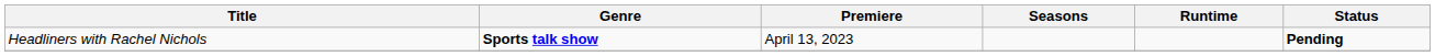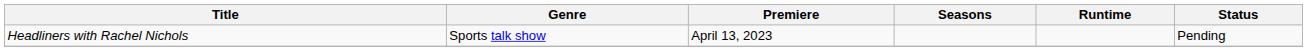 <table class="wikitable sortable" style="width:100%;">
 <tr>
 <th>Title</th>
 <th>Genre</th>
 <th>Premiere</th>
 <th>Seasons</th>
 <th>Runtime</th>
 <th>Status</th>
 </tr>
 <tr>
 <td><em>Headliners with Rachel Nichols</em></td>
-<td><strong>Sports <a href='#'>talk show</a></strong></td>
+<td>Sports <a href='#'>talk show</a></td>
 <td>April 13, 2023</td>
 <td></td>
 <td></td>
-<td><strong>Pending</strong></td>
+<td>Pending</td>
 </tr>
 <tr>
 </tr>
 </table>
